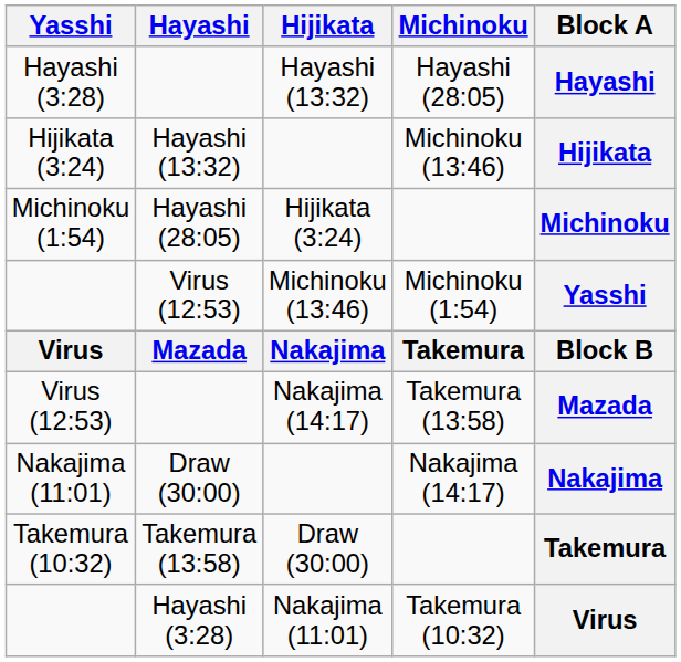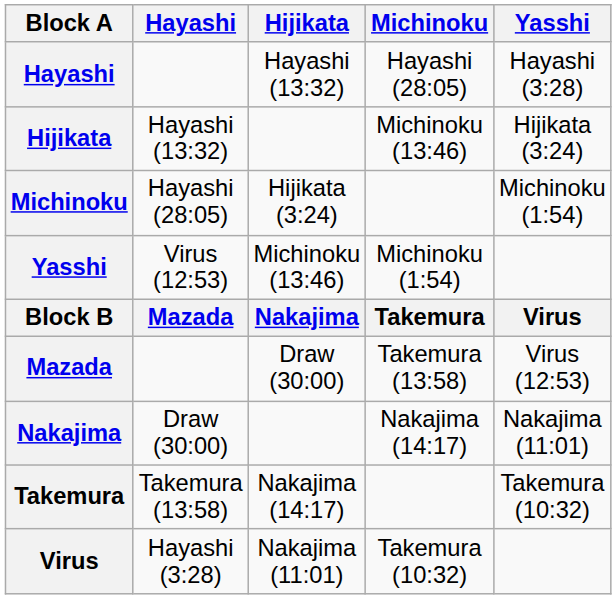 <table class="wikitable" style="margin: 1em auto 1em auto;text-align:center">
 <tr>
-<th><a href='#'>Yasshi</a></th>
+<th>Block A</th>
 <th><a href='#'>Hayashi</a></th>
 <th><a href='#'>Hijikata</a></th>
 <th><a href='#'>Michinoku</a></th>
-<th>Block A</th>
+<th><a href='#'>Yasshi</a></th>
 </tr>
 <tr>
-<td>Hayashi<br>(3:28)</td>
+<th><a href='#'>Hayashi</a></th>
 <td></td>
 <td>Hayashi<br>(13:32)</td>
 <td>Hayashi<br>(28:05)</td>
-<th><a href='#'>Hayashi</a></th>
+<td>Hayashi<br>(3:28)</td>
 </tr>
 <tr>
-<td>Hijikata<br>(3:24)</td>
+<th><a href='#'>Hijikata</a></th>
 <td>Hayashi<br>(13:32)</td>
 <td></td>
 <td>Michinoku<br>(13:46)</td>
-<th><a href='#'>Hijikata</a></th>
+<td>Hijikata<br>(3:24)</td>
 </tr>
 <tr>
-<td>Michinoku<br>(1:54)</td>
+<th><a href='#'>Michinoku</a></th>
 <td>Hayashi<br>(28:05)</td>
 <td>Hijikata<br>(3:24)</td>
 <td></td>
-<th><a href='#'>Michinoku</a></th>
+<td>Michinoku<br>(1:54)</td>
 </tr>
 <tr>
-<td></td>
+<th><a href='#'>Yasshi</a></th>
 <td>Virus<br>(12:53)</td>
 <td>Michinoku<br>(13:46)</td>
 <td>Michinoku<br>(1:54)</td>
-<th><a href='#'>Yasshi</a></th>
+<td></td>
+</tr>
+<tr>
+<th>Block B</th>
+<th><a href='#'>Mazada</a></th>
+<th><a href='#'>Nakajima</a></th>
+<th>Takemura</th>
+<th>Virus</th>
+</tr>
+<tr>
+<th><a href='#'>Mazada</a></th>
+<td></td>
+<td>Draw<br>(30:00)</td>
+<td>Takemura<br>(13:58)</td>
+<td>Virus<br>(12:53)</td>
+</tr>
+<tr>
+<th><a href='#'>Nakajima</a></th>
+<td>Draw<br>(30:00)</td>
+<td></td>
+<td>Nakajima<br>(14:17)</td>
+<td>Nakajima<br>(11:01)</td>
+</tr>
+<tr>
+<th>Takemura</th>
+<td>Takemura<br>(13:58)</td>
+<td>Nakajima<br>(14:17)</td>
+<td></td>
+<td>Takemura<br>(10:32)</td>
 </tr>
 <tr>
 <th>Virus</th>
-<th><a href='#'>Mazada</a></th>
-<th><a href='#'>Nakajima</a></th>
-<th>Takemura</th>
-<th>Block B</th>
-</tr>
-<tr>
-<td>Virus<br>(12:53)</td>
-<td></td>
-<td>Nakajima<br>(14:17)</td>
-<td>Takemura<br>(13:58)</td>
-<th><a href='#'>Mazada</a></th>
-</tr>
-<tr>
-<td>Nakajima<br>(11:01)</td>
-<td>Draw<br>(30:00)</td>
-<td></td>
-<td>Nakajima<br>(14:17)</td>
-<th><a href='#'>Nakajima</a></th>
-</tr>
-<tr>
-<td>Takemura<br>(10:32)</td>
-<td>Takemura<br>(13:58)</td>
-<td>Draw<br>(30:00)</td>
-<td></td>
-<th>Takemura</th>
-</tr>
-<tr>
-<td></td>
 <td>Hayashi<br>(3:28)</td>
 <td>Nakajima<br>(11:01)</td>
 <td>Takemura<br>(10:32)</td>
-<th>Virus</th>
+<td></td>
 </tr>
 </table>
